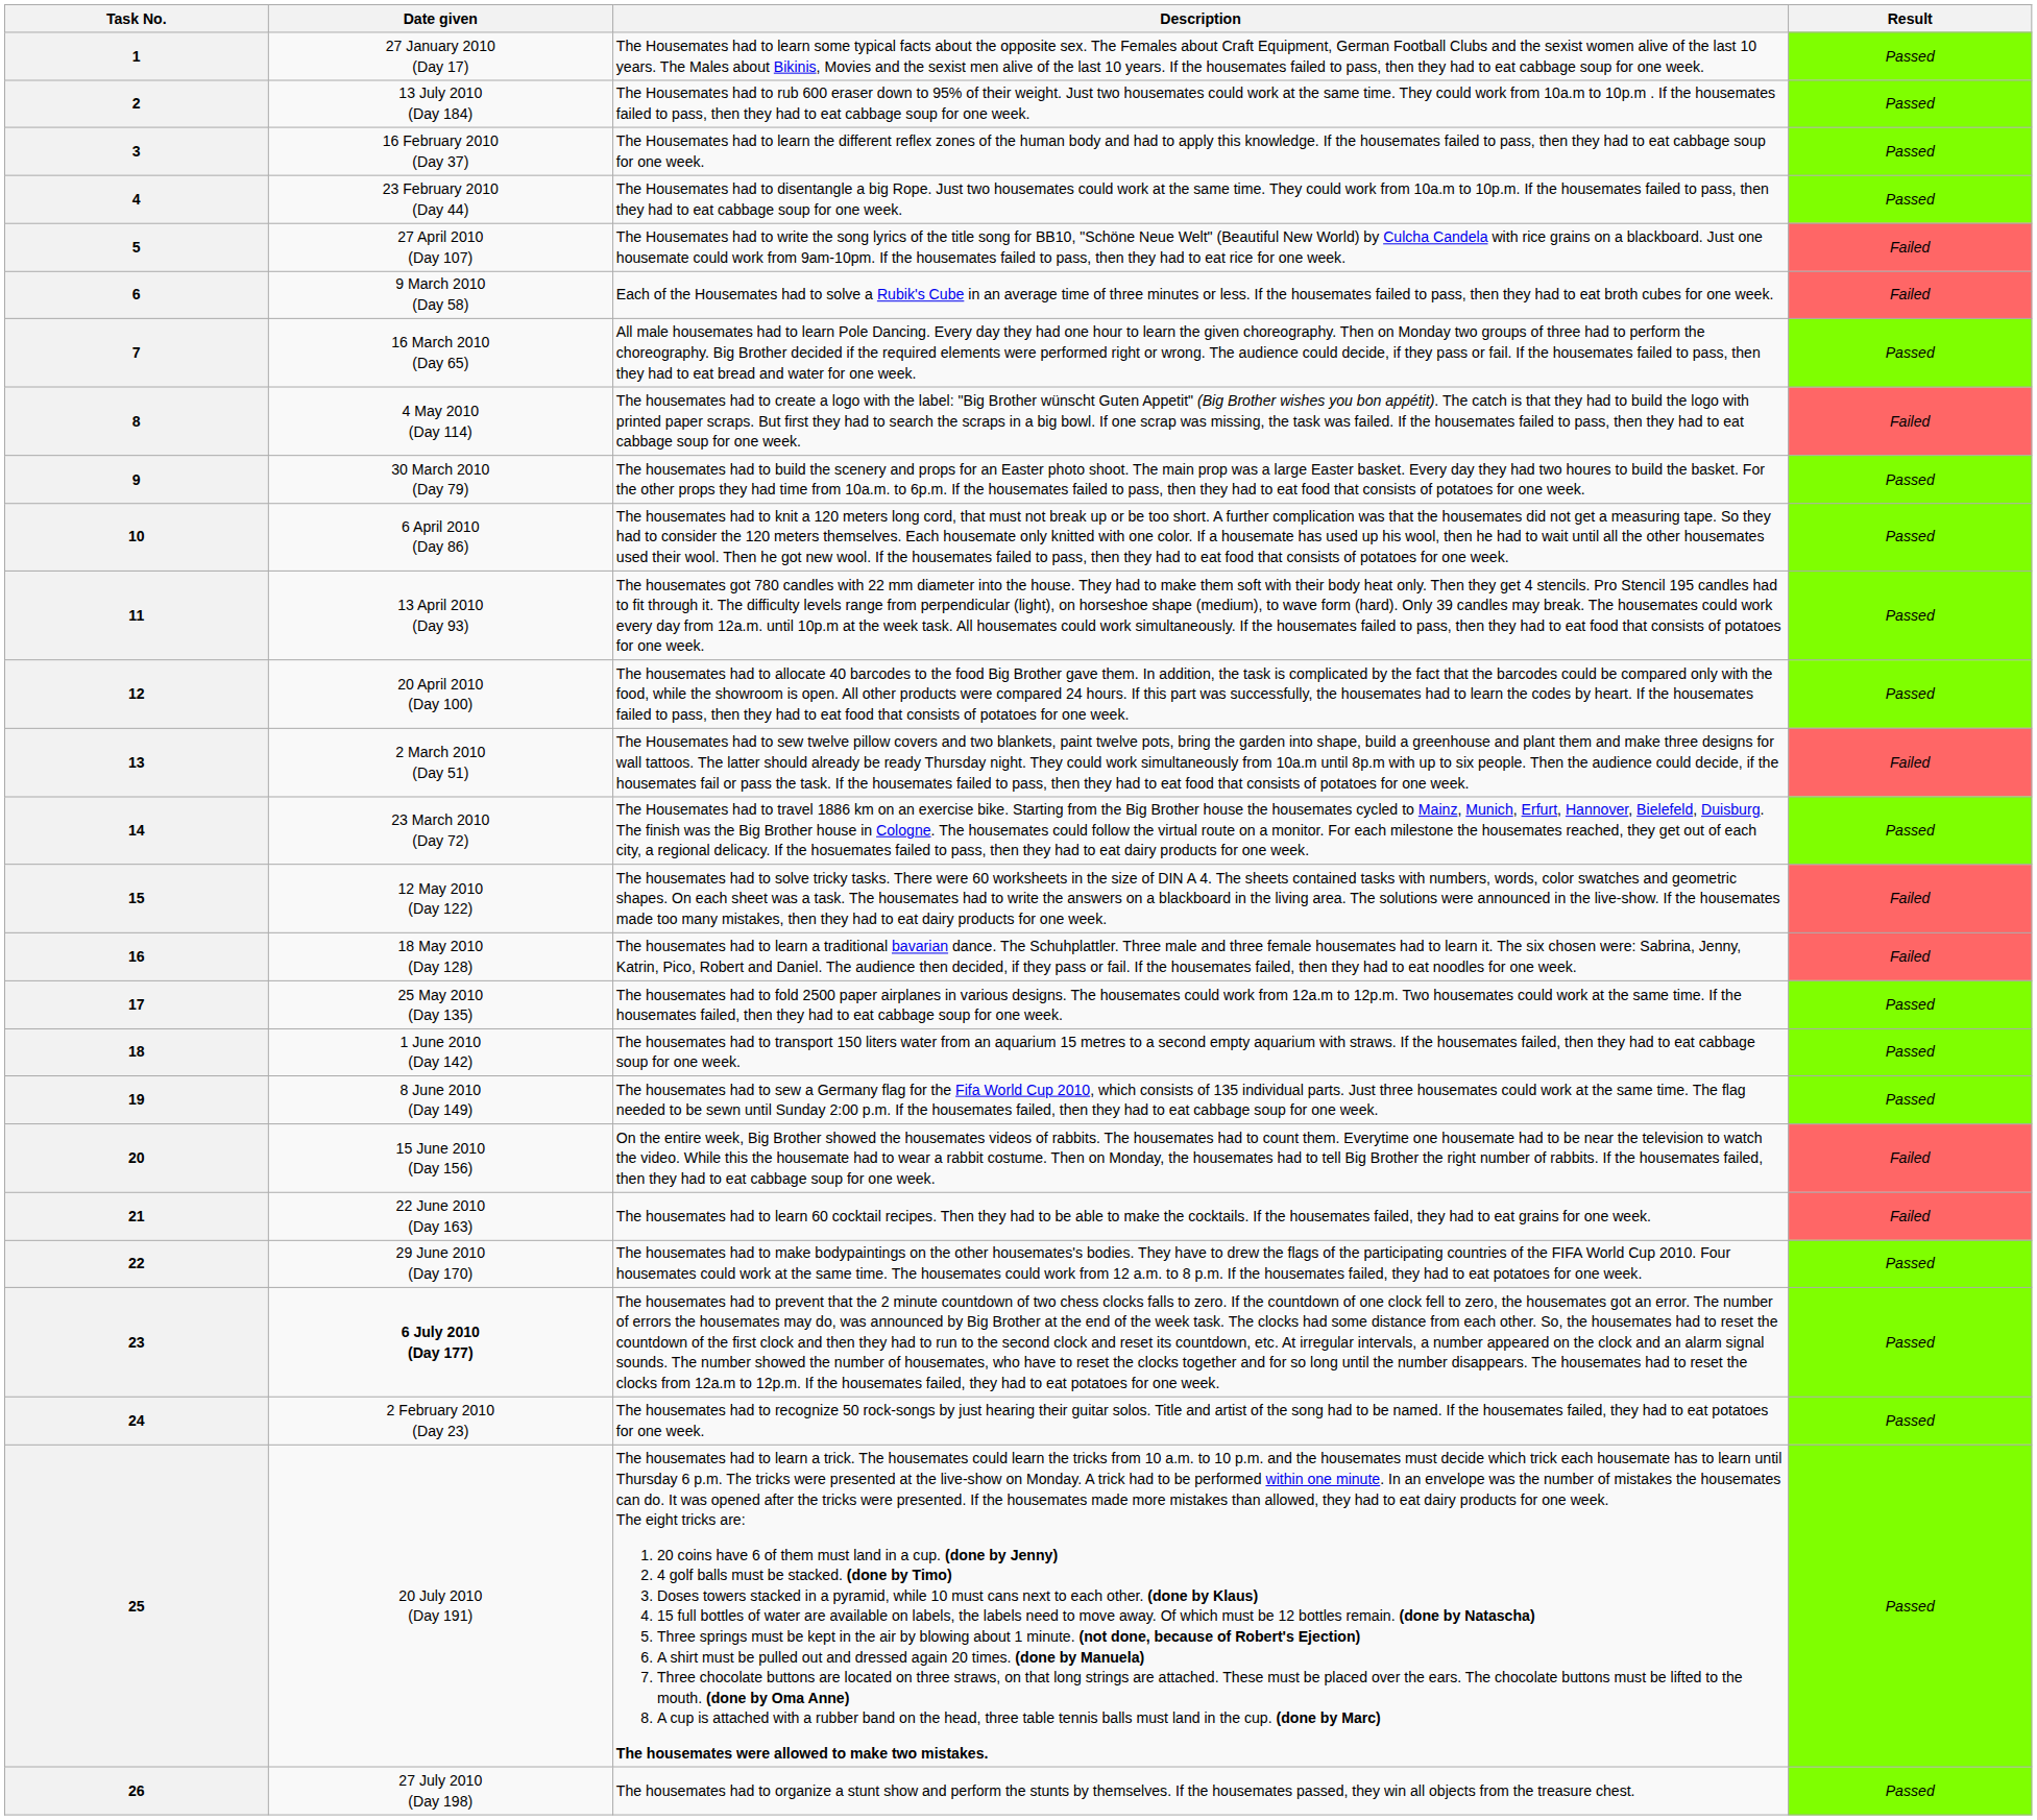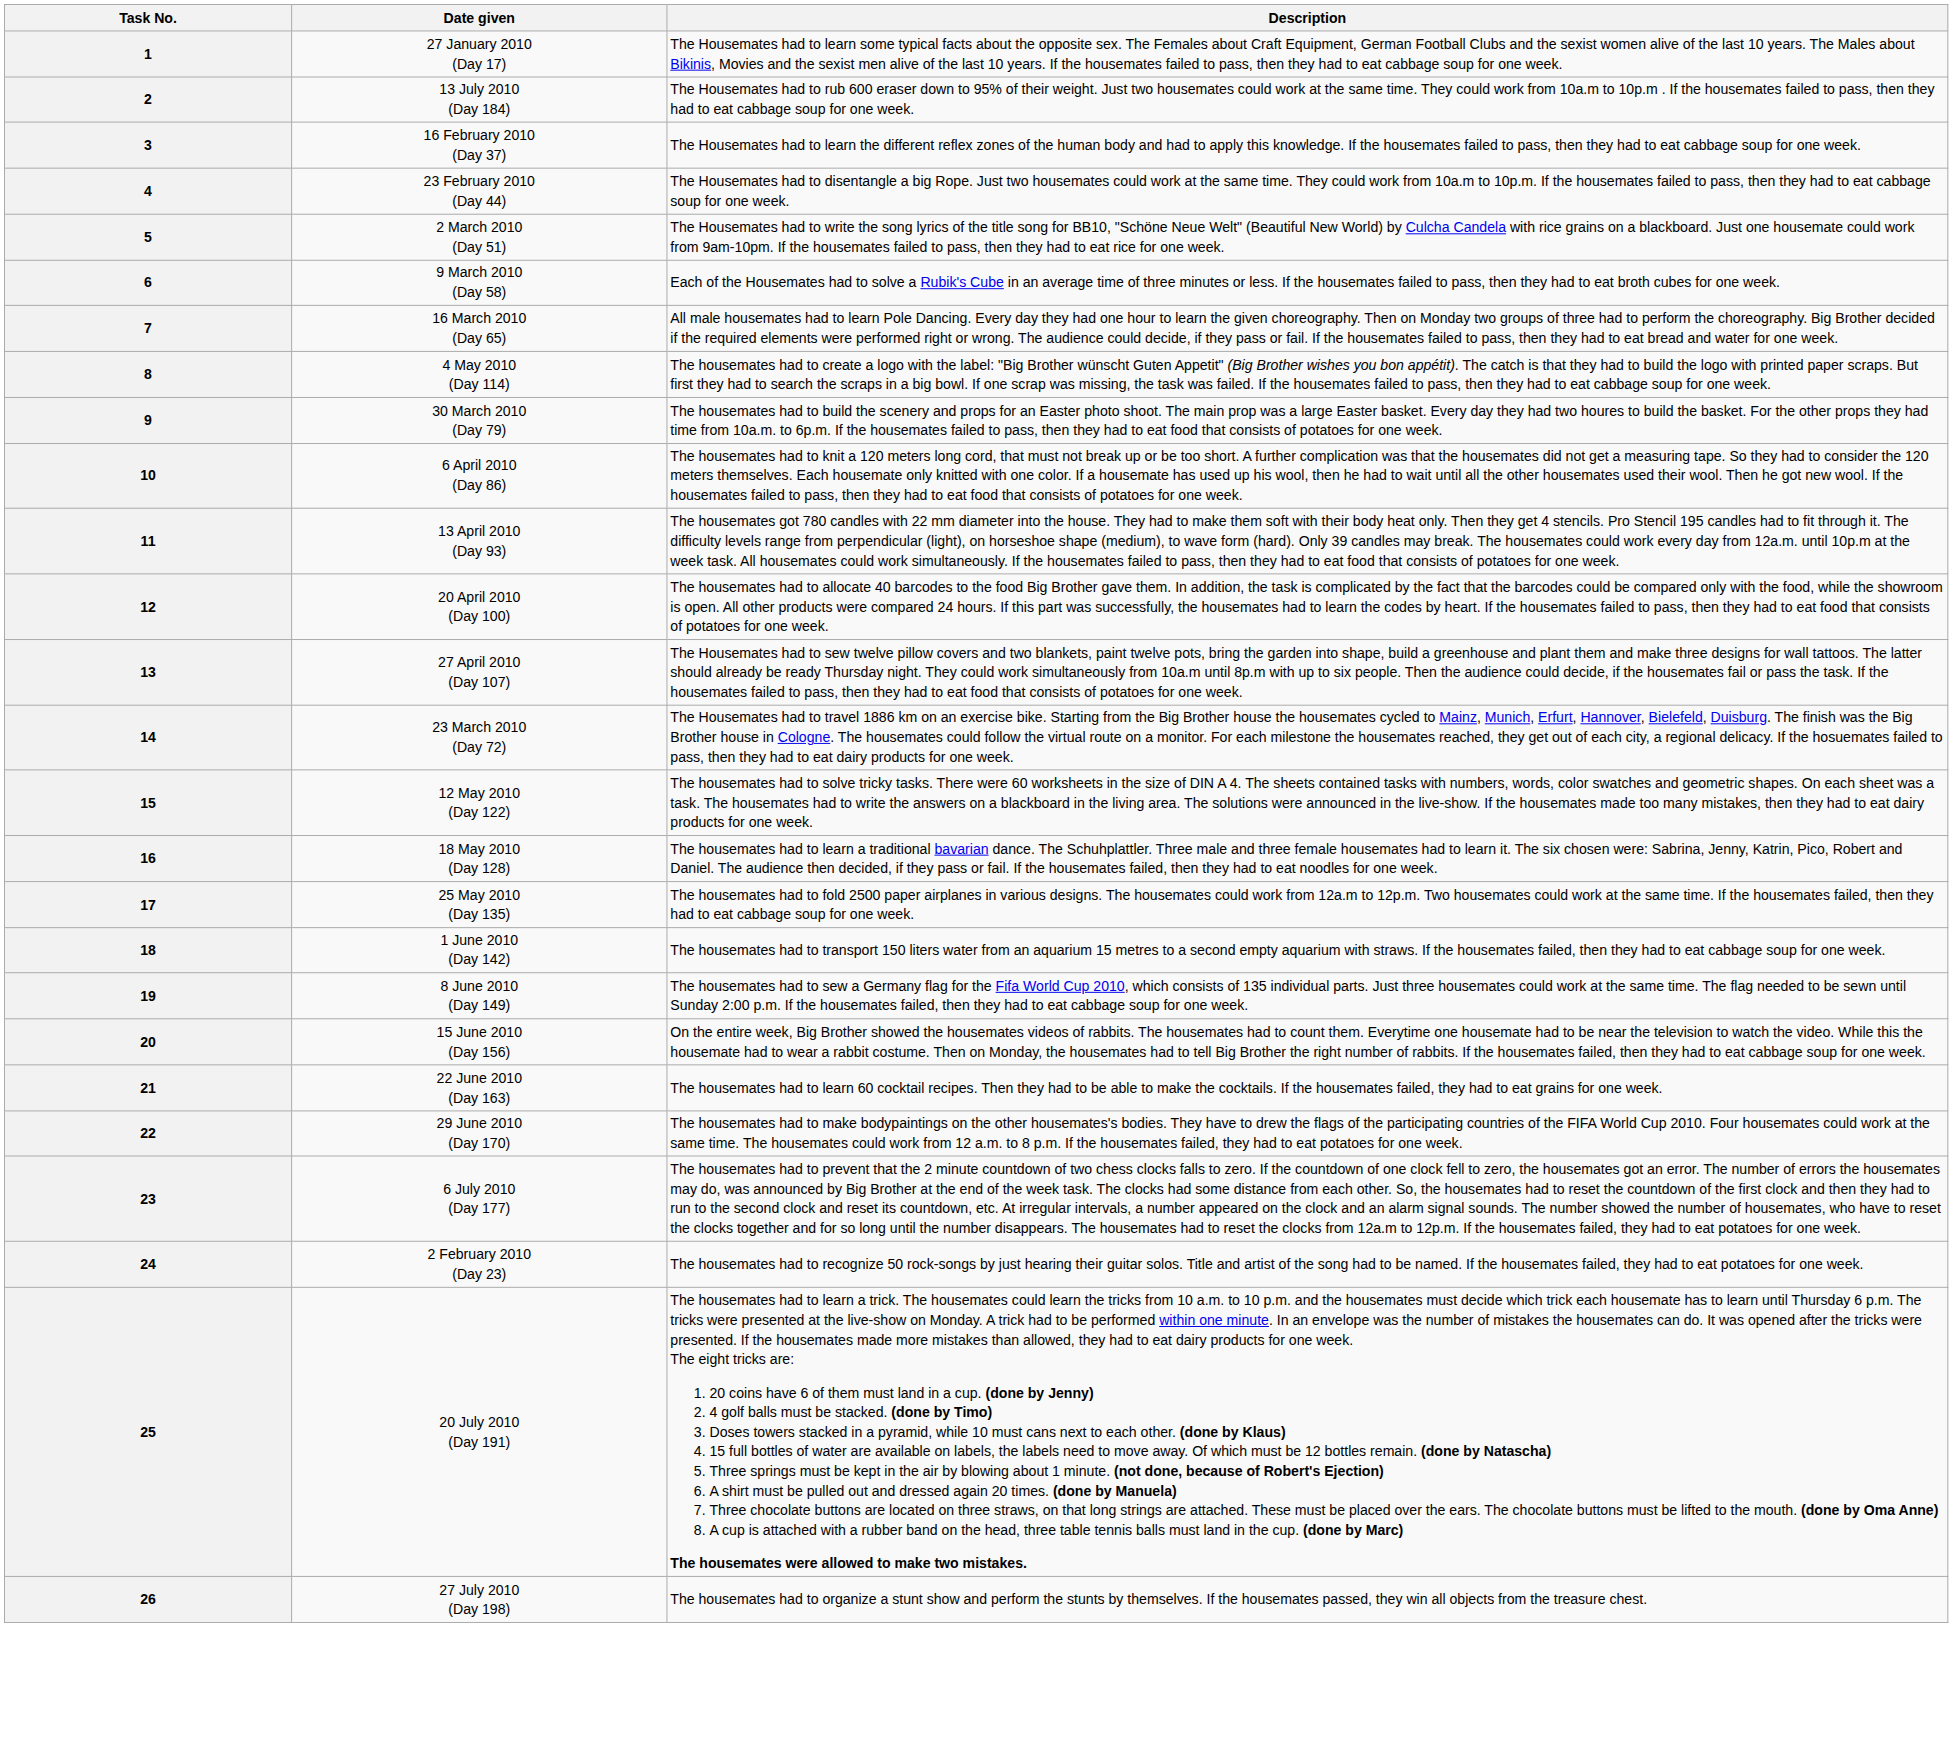 <table class="wikitable" style="font-size:90%; line-height:20px; width:100%">
 <tr>
 <th style="width: 13%;">Task No.</th>
 <th style="width: 17%;">Date given</th>
 <th style="width: 58%;">Description</th>
-<th style="width: 12%;">Result</th>
 </tr>
 <tr>
 <th>1</th>
 <td style="text-align:center;">27 January 2010<br>(Day 17)</td>
 <td>The Housemates had to learn some typical facts about the opposite sex. The Females about Craft Equipment, German Football Clubs and the sexist women alive of the last 10 years. The Males about <a href='#'>Bikinis</a>, Movies and the sexist men alive of the last 10 years. If the housemates failed to pass, then they had to eat cabbage soup for one week.</td>
-<td style="text-align:center; background:#7fff00;"><em>Passed</em></td>
 </tr>
 <tr>
 <th>2</th>
 <td style="text-align:center;">13 July 2010<br>(Day 184)</td>
 <td>The Housemates had to rub 600 eraser down to 95% of their weight. Just two housemates could work at the same time. They could work from 10a.m to 10p.m . If the housemates failed to pass, then they had to eat cabbage soup for one week.</td>
-<td style="text-align:center; background:#7fff00;"><em>Passed</em></td>
 </tr>
 <tr>
 <th>3</th>
 <td style="text-align:center;">16 February 2010<br>(Day 37)</td>
 <td>The Housemates had to learn the different reflex zones of the human body and had to apply this knowledge. If the housemates failed to pass, then they had to eat cabbage soup for one week.</td>
-<td style="text-align:center; background:#7fff00;"><em>Passed</em></td>
 </tr>
 <tr>
 <th>4</th>
 <td style="text-align:center;">23 February 2010<br>(Day 44)</td>
 <td>The Housemates had to disentangle a big Rope. Just two housemates could work at the same time. They could work from 10a.m to 10p.m. If the housemates failed to pass, then they had to eat cabbage soup for one week.</td>
-<td style="text-align:center; background:#7fff00;"><em>Passed</em></td>
 </tr>
 <tr>
 <th>5</th>
-<td style="text-align:center;">27 April 2010<br>(Day 107)</td>
+<td style="text-align:center;">2 March 2010<br>(Day 51)</td>
 <td>The Housemates had to write the song lyrics of the title song for BB10, "Schöne Neue Welt" (Beautiful New World) by <a href='#'>Culcha Candela</a> with rice grains on a blackboard. Just one housemate could work from 9am-10pm. If the housemates failed to pass, then they had to eat rice for one week.</td>
-<td style="text-align:center; background:#f66;"><em>Failed</em></td>
 </tr>
 <tr>
 <th>6</th>
 <td style="text-align:center;">9 March 2010<br>(Day 58)</td>
 <td>Each of the Housemates had to solve a <a href='#'>Rubik's Cube</a> in an average time of three minutes or less. If the housemates failed to pass, then they had to eat broth cubes for one week.</td>
-<td style="text-align:center; background:#f66;"><em>Failed</em></td>
 </tr>
 <tr>
 <th>7</th>
 <td style="text-align:center;">16 March 2010<br>(Day 65)</td>
 <td>All male housemates had to learn Pole Dancing. Every day they had one hour to learn the given choreography. Then on Monday two groups of three had to perform the choreography. Big Brother decided if the required elements were performed right or wrong. The audience could decide, if they pass or fail. If the housemates failed to pass, then they had to eat bread and water for one week.</td>
-<td style="text-align:center; background:#7fff00;"><em>Passed</em></td>
 </tr>
 <tr>
 <th>8</th>
 <td style="text-align:center;">4 May 2010<br>(Day 114)</td>
 <td>The housemates had to create a logo with the label: "Big Brother wünscht Guten Appetit" <em>(Big Brother wishes you bon appétit)</em>. The catch is that they had to build the logo with printed paper scraps. But first they had to search the scraps in a big bowl. If one scrap was missing, the task was failed. If the housemates failed to pass, then they had to eat cabbage soup for one week.</td>
-<td style="text-align:center; background:#f66;"><em>Failed</em></td>
 </tr>
 <tr>
 <th>9</th>
 <td style="text-align:center;">30 March 2010<br>(Day 79)</td>
 <td>The housemates had to build the scenery and props for an Easter photo shoot. The main prop was a large Easter basket. Every day they had two houres to build the basket. For the other props they had time from 10a.m. to 6p.m. If the housemates failed to pass, then they had to eat food that consists of potatoes for one week.</td>
-<td style="text-align:center; background:#7fff00;"><em>Passed</em></td>
 </tr>
 <tr>
 <th>10</th>
 <td style="text-align:center;">6 April 2010<br>(Day 86)</td>
 <td>The housemates had to knit a 120 meters long cord, that must not break up or be too short. A further complication was that the housemates did not get a measuring tape. So they had to consider the 120 meters themselves. Each housemate only knitted with one color. If a housemate has used up his wool, then he had to wait until all the other housemates used their wool. Then he got new wool. If the housemates failed to pass, then they had to eat food that consists of potatoes for one week.</td>
-<td style="text-align:center; background:#7fff00;"><em>Passed</em></td>
 </tr>
 <tr>
 <th>11</th>
 <td style="text-align:center;">13 April 2010<br>(Day 93)</td>
 <td>The housemates got 780 candles with 22 mm diameter into the house. They had to make them soft with their body heat only. Then they get 4 stencils. Pro Stencil 195 candles had to fit through it. The difficulty levels range from perpendicular (light), on horseshoe shape (medium), to wave form (hard). Only 39 candles may break. The housemates could work every day from 12a.m. until 10p.m at the week task. All housemates could work simultaneously. If the housemates failed to pass, then they had to eat food that consists of potatoes for one week.</td>
-<td style="text-align:center; background:#7fff00;"><em>Passed</em></td>
 </tr>
 <tr>
 <th>12</th>
 <td style="text-align:center;">20 April 2010<br>(Day 100)</td>
 <td>The housemates had to allocate 40 barcodes to the food Big Brother gave them. In addition, the task is complicated by the fact that the barcodes could be compared only with the food, while the showroom is open. All other products were compared 24 hours. If this part was successfully, the housemates had to learn the codes by heart. If the housemates failed to pass, then they had to eat food that consists of potatoes for one week.</td>
-<td style="text-align:center; background:#7fff00;"><em>Passed</em></td>
 </tr>
 <tr>
 <th>13</th>
-<td style="text-align:center;">2 March 2010<br>(Day 51)</td>
+<td style="text-align:center;">27 April 2010<br>(Day 107)</td>
 <td>The Housemates had to sew twelve pillow covers and two blankets, paint twelve pots, bring the garden into shape, build a greenhouse and plant them and make three designs for wall tattoos. The latter should already be ready Thursday night. They could work simultaneously from 10a.m until 8p.m with up to six people. Then the audience could decide, if the housemates fail or pass the task. If the housemates failed to pass, then they had to eat food that consists of potatoes for one week.</td>
-<td style="text-align:center; background:#f66;"><em>Failed</em></td>
 </tr>
 <tr>
 <th>14</th>
 <td style="text-align:center;">23 March 2010<br>(Day 72)</td>
 <td>The Housemates had to travel 1886 km on an exercise bike. Starting from the Big Brother house the housemates cycled to <a href='#'>Mainz</a>, <a href='#'>Munich</a>, <a href='#'>Erfurt</a>, <a href='#'>Hannover</a>, <a href='#'>Bielefeld</a>, <a href='#'>Duisburg</a>. The finish was the Big Brother house in <a href='#'>Cologne</a>. The housemates could follow the virtual route on a monitor. For each milestone the housemates reached, they get out of each city, a regional delicacy. If the hosuemates failed to pass, then they had to eat dairy products for one week.</td>
-<td style="text-align:center; background:#7fff00;"><em>Passed</em></td>
 </tr>
 <tr>
 <th>15</th>
 <td style="text-align:center;">12 May 2010<br>(Day 122)</td>
 <td>The housemates had to solve tricky tasks. There were 60 worksheets in the size of DIN A 4. The sheets contained tasks with numbers, words, color swatches and geometric shapes. On each sheet was a task. The housemates had to write the answers on a blackboard in the living area. The solutions were announced in the live-show. If the housemates made too many mistakes, then they had to eat dairy products for one week.</td>
-<td style="text-align:center; background:#f66;"><em>Failed</em></td>
 </tr>
 <tr>
 <th>16</th>
 <td style="text-align:center;">18 May 2010<br>(Day 128)</td>
 <td>The housemates had to learn a traditional <a href='#'>bavarian</a> dance. The Schuhplattler. Three male and three female housemates had to learn it. The six chosen were: Sabrina, Jenny, Katrin, Pico, Robert and Daniel. The audience then decided, if they pass or fail. If the housemates failed, then they had to eat noodles for one week.</td>
-<td style="text-align:center; background:#f66;"><em>Failed</em></td>
 </tr>
 <tr>
 <th>17</th>
 <td style="text-align:center;">25 May 2010<br>(Day 135)</td>
 <td>The housemates had to fold 2500 paper airplanes in various designs. The housemates could work from 12a.m to 12p.m. Two housemates could work at the same time. If the housemates failed, then they had to eat cabbage soup for one week.</td>
-<td style="text-align:center; background:#7fff00;"><em>Passed</em></td>
 </tr>
 <tr>
 <th>18</th>
 <td style="text-align:center;">1 June 2010<br>(Day 142)</td>
 <td>The housemates had to transport 150 liters water from an aquarium 15 metres to a second empty aquarium with straws. If the housemates failed, then they had to eat cabbage soup for one week.</td>
-<td style="text-align:center; background:#7fff00;"><em>Passed</em></td>
 </tr>
 <tr>
 <th>19</th>
 <td style="text-align:center;">8 June 2010<br>(Day 149)</td>
 <td>The housemates had to sew a Germany flag for the <a href='#'>Fifa World Cup 2010</a>, which consists of 135 individual parts. Just three housemates could work at the same time. The flag needed to be sewn until Sunday 2:00 p.m. If the housemates failed, then they had to eat cabbage soup for one week.</td>
-<td style="text-align:center; background:#7fff00;"><em>Passed</em></td>
 </tr>
 <tr>
 <th>20</th>
 <td style="text-align:center;">15 June 2010<br>(Day 156)</td>
 <td>On the entire week, Big Brother showed the housemates videos of rabbits. The housemates had to count them. Everytime one housemate had to be near the television to watch the video. While this the housemate had to wear a rabbit costume. Then on Monday, the housemates had to tell Big Brother the right number of rabbits. If the housemates failed, then they had to eat cabbage soup for one week.</td>
-<td style="text-align:center; background:#f66;"><em>Failed</em></td>
 </tr>
 <tr>
 <th>21</th>
 <td style="text-align:center;">22 June 2010<br>(Day 163)</td>
 <td>The housemates had to learn 60 cocktail recipes. Then they had to be able to make the cocktails. If the housemates failed, they had to eat grains for one week.</td>
-<td style="text-align:center; background:#f66;"><em>Failed</em></td>
 </tr>
 <tr>
 <th>22</th>
 <td style="text-align:center;">29 June 2010<br>(Day 170)</td>
 <td>The housemates had to make bodypaintings on the other housemates's bodies. They have to drew the flags of the participating countries of the FIFA World Cup 2010. Four housemates could work at the same time. The housemates could work from 12 a.m. to 8 p.m. If the housemates failed, they had to eat potatoes for one week.</td>
-<td style="text-align:center; background:#7fff00;"><em>Passed</em></td>
 </tr>
 <tr>
 <th>23</th>
-<td style="text-align:center;"><strong>6 July 2010<br>(Day 177)</strong></td>
+<td style="text-align:center;">6 July 2010<br>(Day 177)</td>
 <td>The housemates had to prevent that the 2 minute countdown of two chess clocks falls to zero. If the countdown of one clock fell to zero, the housemates got an error. The number of errors the housemates may do, was announced by Big Brother at the end of the week task. The clocks had some distance from each other. So, the housemates had to reset the countdown of the first clock and then they had to run to the second clock and reset its countdown, etc. At irregular intervals, a number appeared on the clock and an alarm signal sounds. The number showed the number of housemates, who have to reset the clocks together and for so long until the number disappears. The housemates had to reset the clocks from 12a.m to 12p.m. If the housemates failed, they had to eat potatoes for one week.</td>
-<td style="text-align:center; background:#7fff00;"><em>Passed</em></td>
 </tr>
 <tr>
 <th>24</th>
 <td style="text-align:center;">2 February 2010<br>(Day 23)</td>
 <td>The housemates had to recognize 50 rock-songs by just hearing their guitar solos. Title and artist of the song had to be named. If the housemates failed, they had to eat potatoes for one week.</td>
-<td style="text-align:center; background:#7fff00;"><em>Passed</em></td>
 </tr>
 <tr>
 <th>25</th>
 <td style="text-align:center;">20 July 2010<br>(Day 191)</td>
 <td>The housemates had to learn a trick. The housemates could learn the tricks from 10 a.m. to 10 p.m. and the housemates must decide which trick each housemate has to learn until Thursday 6 p.m. The tricks were presented at the live-show on Monday. A trick had to be performed <a href='#'>within one minute</a>. In an envelope was the number of mistakes the housemates can do. It was opened after the tricks were presented. If the housemates made more mistakes than allowed, they had to eat dairy products for one week.<br>The eight tricks are:<ol><li>20 coins have 6 of them must land in a cup. <strong>(done by Jenny)</strong> </li><li>4 golf balls must be stacked. <strong>(done by Timo)</strong> </li><li>Doses towers stacked in a pyramid, while 10 must cans next to each other. <strong>(done by Klaus)</strong> </li><li>15 full bottles of water are available on labels, the labels need to move away. Of which must be 12 bottles remain. <strong>(done by Natascha)</strong> </li><li>Three springs must be kept in the air by blowing about 1 minute. <strong>(not done, because of Robert's Ejection)</strong></li><li>A shirt must be pulled out and dressed again 20 times. <strong>(done by Manuela)</strong> </li><li>Three chocolate buttons are located on three straws, on that long strings are attached. These must be placed over the ears. The chocolate buttons must be lifted to the mouth. <strong>(done by Oma Anne)</strong> </li><li>A cup is attached with a rubber band on the head, three table tennis balls must land in the cup. <strong>(done by Marc)</strong> </li></ol><strong>The housemates were allowed to make two mistakes.</strong></td>
-<td style="text-align:center; background:#7fff00;"><em>Passed</em></td>
 </tr>
 <tr>
 <th>26</th>
 <td style="text-align:center;">27 July 2010<br>(Day 198)</td>
 <td>The housemates had to organize a stunt show and perform the stunts by themselves. If the housemates passed, they win all objects from the treasure chest.</td>
-<td style="text-align:center; background:#7fff00;"><em>Passed</em></td>
 </tr>
 </table>
